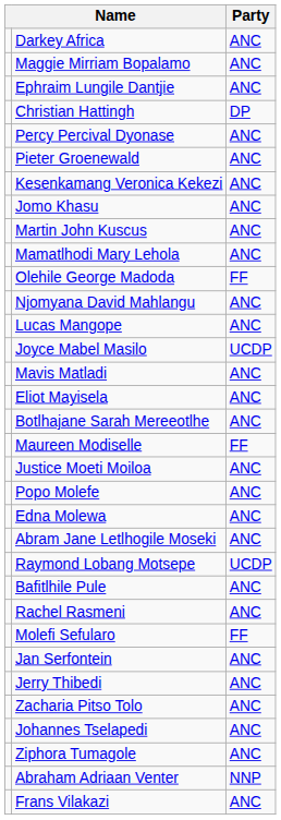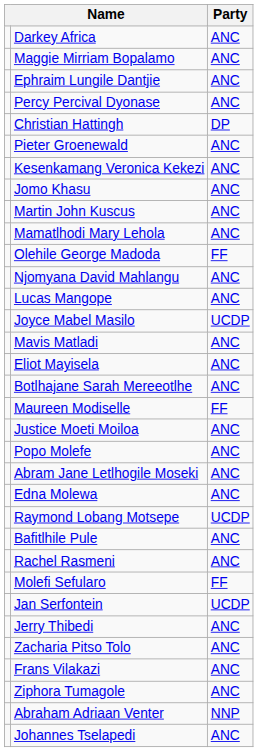 <table class="wikitable sortable">
 <tr>
 <th colspan="2">Name</th>
 <th>Party</th>
 </tr>
 <tr>
 <td style="background-color: "></td>
 <td><a href='#'>Darkey Africa</a></td>
 <td><a href='#'>ANC</a></td>
 </tr>
 <tr>
 <td style="background-color: "></td>
 <td><a href='#'>Maggie Mirriam Bopalamo</a></td>
 <td><a href='#'>ANC</a></td>
 </tr>
 <tr>
 <td style="background-color: "></td>
 <td><a href='#'>Ephraim Lungile Dantjie</a></td>
 <td><a href='#'>ANC</a></td>
 </tr>
 <tr>
+<td style="background-color: "></td>
+<td><a href='#'>Percy Percival Dyonase</a></td>
+<td><a href='#'>ANC</a></td>
+</tr>
+<tr>
 <td></td>
 <td><a href='#'>Christian Hattingh</a></td>
 <td><a href='#'>DP</a></td>
-</tr>
-<tr>
-<td style="background-color: "></td>
-<td><a href='#'>Percy Percival Dyonase</a></td>
-<td><a href='#'>ANC</a></td>
 </tr>
 <tr>
 <td></td>
 <td><a href='#'>Pieter Groenewald</a></td>
 <td><a href='#'>ANC</a></td>
 </tr>
 <tr>
 <td style="background-color: "></td>
 <td><a href='#'>Kesenkamang Veronica Kekezi</a></td>
 <td><a href='#'>ANC</a></td>
 </tr>
 <tr>
 <td style="background-color: "></td>
 <td><a href='#'>Jomo Khasu</a></td>
 <td><a href='#'>ANC</a></td>
 </tr>
 <tr>
 <td style="background-color: "></td>
 <td><a href='#'>Martin John Kuscus</a></td>
 <td><a href='#'>ANC</a></td>
 </tr>
 <tr>
 <td style="background-color: "></td>
 <td><a href='#'>Mamatlhodi Mary Lehola</a></td>
 <td><a href='#'>ANC</a></td>
 </tr>
 <tr>
 <td style="background-color: "></td>
 <td><a href='#'>Olehile George Madoda</a></td>
 <td><a href='#'>FF</a></td>
 </tr>
 <tr>
 <td style="background-color: "></td>
 <td><a href='#'>Njomyana David Mahlangu</a></td>
 <td><a href='#'>ANC</a></td>
 </tr>
 <tr>
 <td></td>
 <td><a href='#'>Lucas Mangope</a></td>
 <td><a href='#'>ANC</a></td>
 </tr>
 <tr>
 <td style="background-color: "></td>
 <td><a href='#'>Joyce Mabel Masilo</a></td>
 <td><a href='#'>UCDP</a></td>
 </tr>
 <tr>
 <td></td>
 <td><a href='#'>Mavis Matladi</a></td>
 <td><a href='#'>ANC</a></td>
 </tr>
 <tr>
 <td style="background-color: "></td>
 <td><a href='#'>Eliot Mayisela</a></td>
 <td><a href='#'>ANC</a></td>
 </tr>
 <tr>
 <td style="background-color: "></td>
 <td><a href='#'>Botlhajane Sarah Mereeotlhe</a></td>
 <td><a href='#'>ANC</a></td>
 </tr>
 <tr>
 <td style="background-color: "></td>
 <td><a href='#'>Maureen Modiselle</a></td>
 <td><a href='#'>FF</a></td>
 </tr>
 <tr>
 <td style="background-color: "></td>
 <td><a href='#'>Justice Moeti Moiloa</a></td>
 <td><a href='#'>ANC</a></td>
 </tr>
 <tr>
 <td style="background-color: "></td>
 <td><a href='#'>Popo Molefe</a></td>
 <td><a href='#'>ANC</a></td>
 </tr>
 <tr>
 <td style="background-color: "></td>
-<td><a href='#'>Edna Molewa</a></td>
+<td><a href='#'>Abram Jane Letlhogile Moseki</a></td>
 <td><a href='#'>ANC</a></td>
 </tr>
 <tr>
 <td style="background-color: "></td>
-<td><a href='#'>Abram Jane Letlhogile Moseki</a></td>
+<td><a href='#'>Edna Molewa</a></td>
 <td><a href='#'>ANC</a></td>
 </tr>
 <tr>
 <td style="background-color: "></td>
 <td><a href='#'>Raymond Lobang Motsepe</a></td>
 <td><a href='#'>UCDP</a></td>
 </tr>
 <tr>
 <td></td>
 <td><a href='#'>Bafitlhile Pule</a></td>
 <td><a href='#'>ANC</a></td>
 </tr>
 <tr>
 <td style="background-color: "></td>
 <td><a href='#'>Rachel Rasmeni</a></td>
 <td><a href='#'>ANC</a></td>
 </tr>
 <tr>
 <td style="background-color: "></td>
 <td><a href='#'>Molefi Sefularo</a></td>
 <td><a href='#'>FF</a></td>
 </tr>
 <tr>
 <td style="background-color: "></td>
 <td><a href='#'>Jan Serfontein</a></td>
-<td><a href='#'>ANC</a></td>
+<td><a href='#'>UCDP</a></td>
 </tr>
 <tr>
 <td style="background-color: "></td>
 <td><a href='#'>Jerry Thibedi</a></td>
 <td><a href='#'>ANC</a></td>
 </tr>
 <tr>
 <td style="background-color: "></td>
 <td><a href='#'>Zacharia Pitso Tolo</a></td>
 <td><a href='#'>ANC</a></td>
 </tr>
 <tr>
 <td style="background-color: "></td>
-<td><a href='#'>Johannes Tselapedi</a></td>
+<td><a href='#'>Frans Vilakazi</a></td>
 <td><a href='#'>ANC</a></td>
 </tr>
 <tr>
 <td style="background-color: "></td>
 <td><a href='#'>Ziphora Tumagole</a></td>
 <td><a href='#'>ANC</a></td>
 </tr>
 <tr>
 <td></td>
 <td><a href='#'>Abraham Adriaan Venter</a></td>
 <td><a href='#'>NNP</a></td>
 </tr>
 <tr>
 <td style="background-color: "></td>
-<td><a href='#'>Frans Vilakazi</a></td>
+<td><a href='#'>Johannes Tselapedi</a></td>
 <td><a href='#'>ANC</a></td>
 </tr>
 </table>
